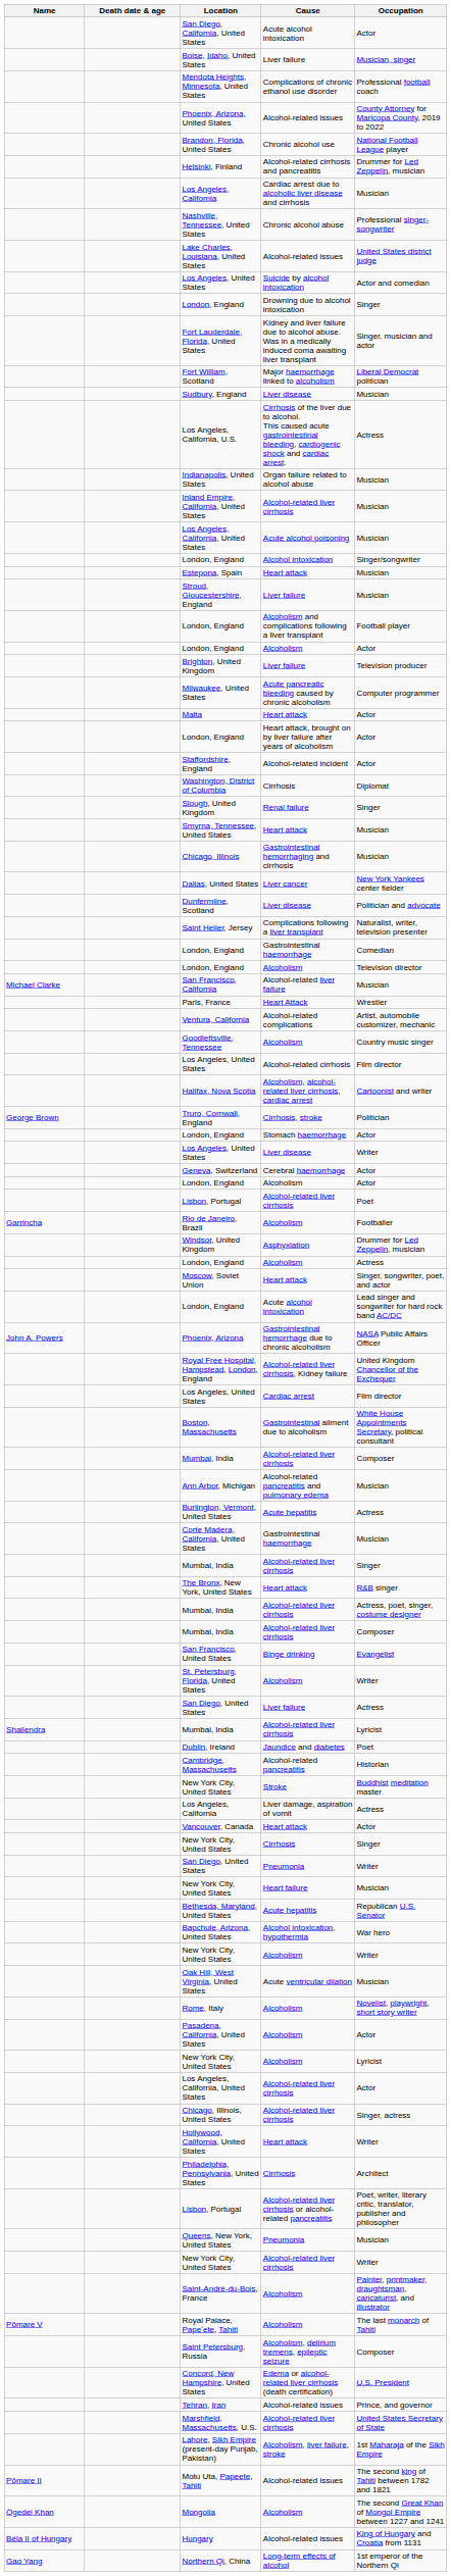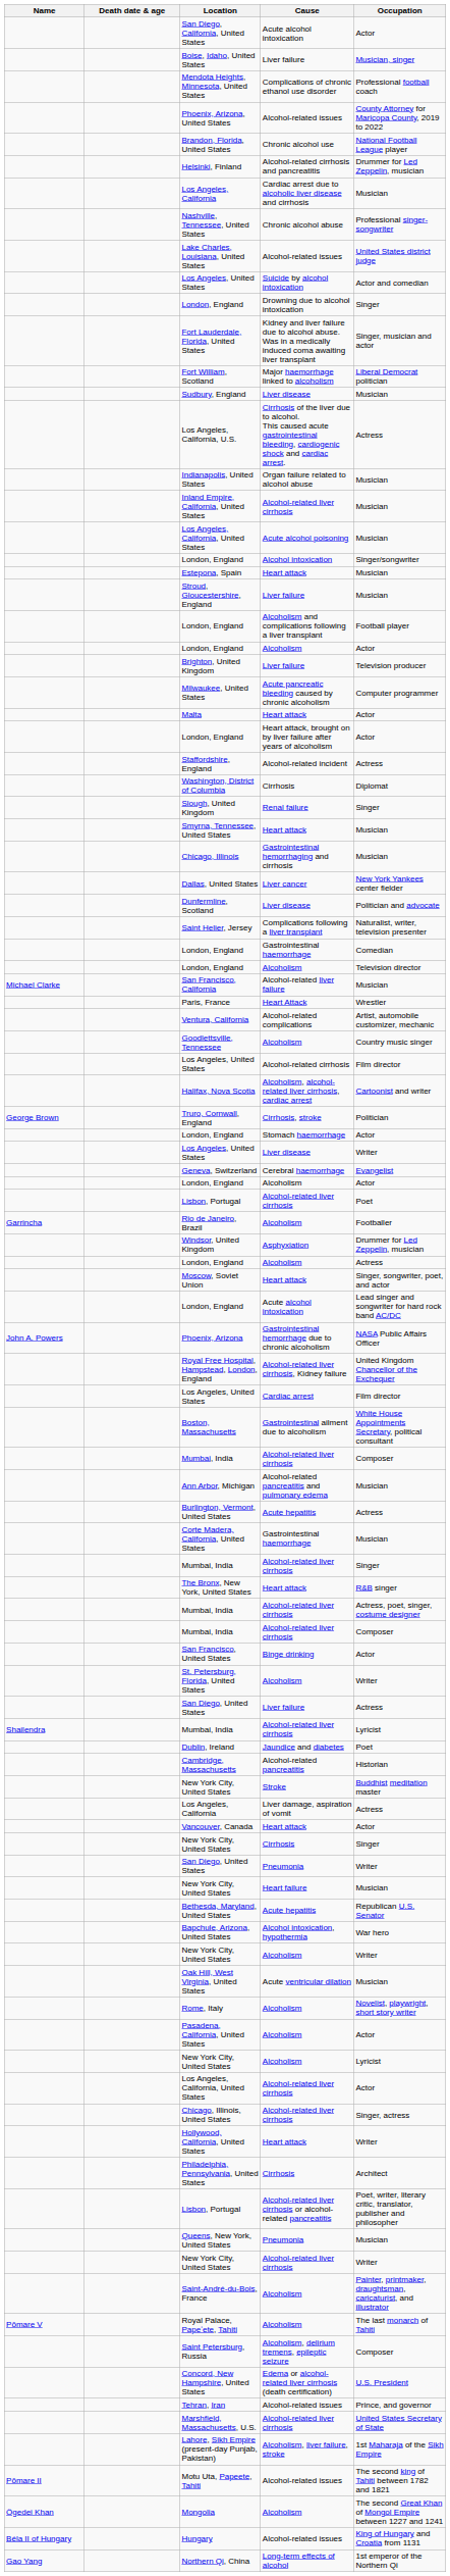 <table class="wikitable sortable">
 <tr>
 <th width=150>Name</th>
 <th width=180>Death date & age</th>
 <th>Location</th>
 <th>Cause</th>
 <th>Occupation<br></th>
 </tr>
 <tr>
 <td scope="row"></td>
 <td data-sort-value=2023-9-4></td>
 <td><a href='#'>San Diego</a>, <a href='#'>California</a>, United States</td>
 <td>Acute alcohol intoxication</td>
 <td>Actor</td>
 </tr>
 <tr>
 <td scope="row"></td>
 <td data-sort-value=2023-9-4></td>
 <td><a href='#'>Boise</a>, <a href='#'>Idaho</a>, United States</td>
 <td>Liver failure</td>
 <td><a href='#'>Musician, singer</a></td>
 </tr>
 <tr>
 <td scope="row"></td>
 <td data-sort-value=2022-10-3></td>
 <td><a href='#'>Mendota Heights</a>, <a href='#'>Minnesota</a>, United States</td>
 <td>Complications of chronic ethanol use disorder</td>
 <td>Professional <a href='#'>football</a> coach</td>
 </tr>
 <tr>
 <td scope="row"></td>
 <td data-sort-value=2022-04-30></td>
 <td><a href='#'>Phoenix, Arizona</a>, United States</td>
 <td>Alcohol-related issues</td>
 <td><a href='#'>County Attorney</a> for <a href='#'>Maricopa County</a>, 2019 to 2022</td>
 </tr>
 <tr>
 <td scope="row"></td>
 <td data-sort-value=2021-02-15></td>
 <td><a href='#'>Brandon, Florida</a>, United States</td>
 <td>Chronic alcohol use</td>
 <td><a href='#'>National Football League</a> player</td>
 </tr>
 <tr>
 <td scope="row"></td>
 <td data-sort-value=2020-12-29></td>
 <td><a href='#'>Helsinki</a>, Finland</td>
 <td>Alcohol-related cirrhosis and pancreatitis</td>
 <td>Drummer for <a href='#'>Led Zeppelin</a>, musician</td>
 </tr>
 <tr>
 <td scope="row"></td>
 <td data-sort-value=2020-06-08></td>
 <td><a href='#'>Los Angeles, California</a></td>
 <td>Cardiac arrest due to <a href='#'>alcoholic liver disease</a> and cirrhosis</td>
 <td>Musician</td>
 </tr>
 <tr>
 <td scope="row"></td>
 <td data-sort-value=2020-05-02></td>
 <td><a href='#'>Nashville</a>, <a href='#'>Tennessee</a>, United States</td>
 <td>Chronic alcohol abuse</td>
 <td>Professional <a href='#'>singer-songwriter</a></td>
 </tr>
 <tr>
 <td scope="row"></td>
 <td data-sort-value=2018-12-01></td>
 <td><a href='#'>Lake Charles, Louisiana</a>, United States</td>
 <td>Alcohol-related issues</td>
 <td><a href='#'>United States district judge</a></td>
 </tr>
 <tr>
 <td scope="row"></td>
 <td data-sort-value=2018-04-21></td>
 <td><a href='#'>Los Angeles</a>, United States</td>
 <td><a href='#'>Suicide</a> by <a href='#'>alcohol intoxication</a></td>
 <td>Actor and comedian</td>
 </tr>
 <tr>
 <td scope="row"></td>
 <td data-sort-value=2018-01-15></td>
 <td><a href='#'>London</a>, England</td>
 <td>Drowning due to alcohol intoxication</td>
 <td>Singer</td>
 </tr>
 <tr>
 <td scope="row"></td>
 <td data-sort-value=2017-11-21></td>
 <td><a href='#'>Fort Lauderdale, Florida</a>, United States</td>
 <td>Kidney and liver failure due to alcohol abuse.<br>Was in a medically induced coma awaiting liver transplant</td>
 <td>Singer, musician and actor</td>
 </tr>
 <tr>
 <td scope="row"></td>
 <td data-sort-value=2015-06-01></td>
 <td><a href='#'>Fort William</a>, Scotland</td>
 <td>Major <a href='#'>haemorrhage</a> linked to <a href='#'>alcoholism</a></td>
 <td><a href='#'>Liberal Democrat</a> politician</td>
 </tr>
 <tr>
 <td scope="row"></td>
 <td data-sort-value=2014-10-25></td>
 <td><a href='#'>Sudbury</a>, England</td>
 <td><a href='#'>Liver disease</a></td>
 <td>Musician</td>
 </tr>
 <tr>
 <td scope="row"></td>
 <td data-sort-value=2014-10-14></td>
 <td>Los Angeles, California, U.S.</td>
 <td><a href='#'>Cirrhosis</a> of the liver due to alcohol.<br>This caused acute <a href='#'>gastrointestinal bleeding</a>, <a href='#'>cardiogenic shock</a> and <a href='#'>cardiac arrest</a>.</td>
 <td>Actress</td>
 </tr>
 <tr>
 <td scope="row"></td>
 <td data-sort-value=2013-05-16></td>
 <td><a href='#'>Indianapolis</a>, United States</td>
 <td>Organ failure related to alcohol abuse</td>
 <td>Musician</td>
 </tr>
 <tr>
 <td scope="row"></td>
 <td data-sort-value=2013-05-02></td>
 <td><a href='#'>Inland Empire, California</a>, United States</td>
 <td><a href='#'>Alcohol-related liver cirrhosis</a></td>
 <td>Musician</td>
 </tr>
 <tr>
 <td scope="row"></td>
 <td data-sort-value=2011-08-11></td>
 <td><a href='#'>Los Angeles, California</a>, United States</td>
 <td><a href='#'>Acute alcohol poisoning</a></td>
 <td>Musician</td>
 </tr>
 <tr>
 <td scope="row"></td>
 <td data-sort-value=2011-07-23></td>
 <td>London, England</td>
 <td><a href='#'>Alcohol intoxication</a></td>
 <td>Singer/songwriter</td>
 </tr>
 <tr>
 <td scope="row"></td>
 <td data-sort-value=2011-02-06></td>
 <td><a href='#'>Estepona</a>, Spain</td>
 <td><a href='#'>Heart attack</a></td>
 <td>Musician</td>
 </tr>
 <tr>
 <td scope="row"></td>
 <td data-sort-value=2011-01-04></td>
 <td><a href='#'>Stroud</a>, <a href='#'>Gloucestershire</a>, England</td>
 <td><a href='#'>Liver failure</a></td>
 <td>Musician</td>
 </tr>
 <tr>
 <td scope="row"></td>
 <td data-sort-value=2005-11-25></td>
 <td>London, England</td>
 <td><a href='#'>Alcoholism</a> and complications following a liver transplant</td>
 <td>Football player</td>
 </tr>
 <tr>
 <td scope="row"></td>
 <td data-sort-value=2002-09-07></td>
 <td>London, England</td>
 <td><a href='#'>Alcoholism</a></td>
 <td>Actor</td>
 </tr>
 <tr>
 <td scope="row"></td>
 <td data-sort-value=2002-05-01></td>
 <td><a href='#'>Brighton</a>, United Kingdom</td>
 <td><a href='#'>Liver failure</a></td>
 <td>Television producer</td>
 </tr>
 <tr>
 <td scope="row"></td>
 <td data-sort-value=2000-04-14></td>
 <td><a href='#'>Milwaukee</a>, United States</td>
 <td><a href='#'>Acute pancreatic bleeding</a> caused by chronic alcoholism</td>
 <td>Computer programmer</td>
 </tr>
 <tr>
 <td scope="row"></td>
 <td data-sort-value=1999-05-02></td>
 <td><a href='#'>Malta</a></td>
 <td><a href='#'>Heart attack</a></td>
 <td>Actor</td>
 </tr>
 <tr>
 <td scope="row"></td>
 <td data-sort-value=1998-08-11></td>
 <td>London, England</td>
 <td>Heart attack, brought on by liver failure after years of alcoholism</td>
 <td>Actor</td>
 </tr>
 <tr>
 <td scope="row"></td>
 <td data-sort-value=1998-05-02></td>
 <td><a href='#'>Staffordshire</a>, England</td>
 <td>Alcohol-related incident</td>
-<td>Actor</td>
+<td>Actress</td>
 </tr>
 <tr>
 <td scope="row"></td>
 <td data-sort-value=1998-02-28></td>
 <td><a href='#'>Washington, District of Columbia</a></td>
 <td>Cirrhosis</td>
 <td>Diplomat</td>
 </tr>
 <tr>
 <td scope="row"></td>
 <td data-sort-value=1997-02-10></td>
 <td><a href='#'>Slough</a>, United Kingdom</td>
 <td><a href='#'>Renal failure</a></td>
 <td>Singer</td>
 </tr>
 <tr>
 <td scope="row"></td>
 <td data-sort-value=1997-01-01></td>
 <td><a href='#'>Smyrna, Tennessee</a>, United States</td>
 <td><a href='#'>Heart attack</a></td>
 <td>Musician</td>
 </tr>
 <tr>
 <td scope="row"></td>
 <td data-sort-value=1996-07-16></td>
 <td><a href='#'>Chicago, Illinois</a></td>
 <td><a href='#'>Gastrointestinal hemorrhaging</a> and cirrhosis</td>
 <td>Musician</td>
 </tr>
 <tr>
 <td scope="row"></td>
 <td data-sort-value=1995-08-13></td>
 <td><a href='#'>Dallas</a>, United States</td>
 <td><a href='#'>Liver cancer</a></td>
 <td><a href='#'>New York Yankees</a> center fielder</td>
 </tr>
 <tr>
 <td scope="row"></td>
 <td data-sort-value=1995-02-19></td>
 <td><a href='#'>Dunfermline</a>, Scotland</td>
 <td><a href='#'>Liver disease</a></td>
 <td>Politician and <a href='#'>advocate</a></td>
 </tr>
 <tr>
 <td scope="row"></td>
 <td data-sort-value=1995-01-30></td>
 <td><a href='#'>Saint Helier</a>, Jersey</td>
 <td>Complications following a <a href='#'>liver transplant</a></td>
 <td>Naturalist, writer, television presenter</td>
 </tr>
 <tr>
 <td scope="row"></td>
 <td data-sort-value=1995-01-09></td>
 <td>London, England</td>
 <td>Gastrointestinal <a href='#'>haemorrhage</a></td>
 <td>Comedian</td>
 </tr>
 <tr>
 <td scope="row"></td>
 <td data-sort-value=1993-12-26></td>
 <td>London, England</td>
 <td><a href='#'>Alcoholism</a></td>
 <td>Television director</td>
 </tr>
 <tr>
 <td scope="row"><a href='#'>Michael Clarke</a></td>
 <td data-sort-value=1993-12-19></td>
 <td><a href='#'>San Francisco, California</a></td>
 <td>Alcohol-related <a href='#'>liver failure</a></td>
 <td>Musician</td>
 </tr>
 <tr>
 <td scope="row"><br></td>
 <td data-sort-value=1993-1-28><br></td>
 <td>Paris, France</td>
 <td><a href='#'>Heart Attack</a></td>
 <td>Wrestler</td>
 </tr>
 <tr>
 <td scope="row"></td>
 <td data-sort-value=1992-9-19><br></td>
 <td><a href='#'>Ventura, California</a></td>
 <td>Alcohol-related complications</td>
 <td>Artist, automobile customizer, mechanic</td>
 </tr>
 <tr>
 <td scope="row"></td>
 <td data-sort-value=1989-05-09></td>
 <td><a href='#'>Goodlettsville, Tennessee</a></td>
 <td><a href='#'>Alcoholism</a></td>
 <td>Country music singer</td>
 </tr>
 <tr>
 <td scope="row"></td>
 <td data-sort-value=1989-02-03></td>
 <td>Los Angeles, United States</td>
 <td>Alcohol-related cirrhosis</td>
 <td>Film director</td>
 </tr>
 <tr>
 <td scope="row"></td>
 <td data-sort-value=1987-04-04></td>
 <td><a href='#'>Halifax, Nova Scotia</a></td>
 <td><a href='#'>Alcoholism</a>, <a href='#'>alcohol-related liver cirrhosis</a>, <a href='#'>cardiac arrest</a></td>
 <td><a href='#'>Cartoonist</a> and writer</td>
 </tr>
 <tr>
 <td scope="row"><a href='#'>George Brown</a></td>
 <td data-sort-value=1985-06-02></td>
 <td><a href='#'>Truro, Cornwall</a>, England</td>
 <td><a href='#'>Cirrhosis</a>, <a href='#'>stroke</a></td>
 <td>Politician</td>
 </tr>
 <tr>
 <td scope="row"></td>
 <td data-sort-value=1984-12-24></td>
 <td>London, England</td>
 <td>Stomach <a href='#'>haemorrhage</a></td>
 <td>Actor</td>
 </tr>
 <tr>
 <td scope="row"></td>
 <td data-sort-value=1984-08-25></td>
 <td><a href='#'>Los Angeles</a>, United States</td>
 <td><a href='#'>Liver disease</a></td>
 <td>Writer</td>
 </tr>
 <tr>
 <td scope="row"></td>
 <td data-sort-value=1984-08-05></td>
 <td><a href='#'>Geneva</a>, Switzerland</td>
 <td>Cerebral <a href='#'>haemorrhage</a></td>
-<td>Actor</td>
+<td><a href='#'>Evangelist</a></td>
 </tr>
 <tr>
 <td scope="row"></td>
 <td data-sort-value=1984-03-17></td>
 <td>London, England</td>
 <td>Alcoholism</td>
 <td>Actor</td>
 </tr>
 <tr>
 <td scope="row"></td>
 <td data-sort-value=1984-01-18></td>
 <td><a href='#'>Lisbon</a>, Portugal</td>
 <td><a href='#'>Alcohol-related liver cirrhosis</a></td>
 <td>Poet</td>
 </tr>
 <tr>
 <td scope="row"><a href='#'>Garrincha</a></td>
 <td data-sort-value=1983-01-20></td>
 <td><a href='#'>Rio de Janeiro</a>, Brazil</td>
 <td><a href='#'>Alcoholism</a></td>
 <td>Footballer</td>
 </tr>
 <tr>
 <td scope="row"></td>
 <td data-sort-value=1980-09-25></td>
 <td><a href='#'>Windsor</a>, United Kingdom</td>
 <td><a href='#'>Asphyxiation</a></td>
 <td>Drummer for <a href='#'>Led Zeppelin</a>, musician</td>
 </tr>
 <tr>
 <td scope="row"></td>
 <td data-sort-value=1980-08-24></td>
 <td>London, England</td>
 <td><a href='#'>Alcoholism</a></td>
 <td>Actress</td>
 </tr>
 <tr>
 <td scope="row"></td>
 <td data-sort-value=1980-07-25></td>
 <td><a href='#'>Moscow</a>, Soviet Union</td>
 <td><a href='#'>Heart attack</a></td>
 <td>Singer, songwriter, poet, and actor</td>
 </tr>
 <tr>
 <td scope="row"></td>
 <td data-sort-value=1980-02-19></td>
 <td>London, England</td>
 <td>Acute <a href='#'>alcohol intoxication</a></td>
 <td>Lead singer and songwriter for hard rock band <a href='#'>AC/DC</a></td>
 </tr>
 <tr>
 <td scope="row"><a href='#'>John A. Powers</a></td>
 <td data-sort-value=1979-12-31></td>
 <td><a href='#'>Phoenix, Arizona</a></td>
 <td><a href='#'>Gastrointestinal hemorrhage</a> due to chronic alcoholism</td>
 <td><a href='#'>NASA</a> Public Affairs Officer</td>
 </tr>
 <tr>
 <td scope="row"></td>
 <td data-sort-value=1979-02-14></td>
 <td><a href='#'>Royal Free Hospital</a>, <a href='#'>Hampstead</a>, <a href='#'>London</a>, England</td>
 <td><a href='#'>Alcohol-related liver cirrhosis</a>, Kidney failure</td>
 <td>United Kingdom <a href='#'>Chancellor of the Exchequer</a></td>
 </tr>
 <tr>
 <td scope="row"></td>
 <td data-sort-value=1978-12-10></td>
 <td>Los Angeles, United States</td>
 <td><a href='#'>Cardiac arrest</a></td>
 <td>Film director</td>
 </tr>
 <tr>
 <td scope="row"></td>
 <td data-sort-value=1977-09-09></td>
 <td><a href='#'>Boston, Massachusetts</a></td>
 <td><a href='#'>Gastrointestinal</a> ailment due to alcoholism</td>
 <td><a href='#'>White House Appointments Secretary</a>, political consultant</td>
 </tr>
 <tr>
 <td scope="row"></td>
 <td data-sort-value=1975-07-14></td>
 <td><a href='#'>Mumbai</a>, India</td>
 <td><a href='#'>Alcohol-related liver cirrhosis</a></td>
 <td>Composer</td>
 </tr>
 <tr>
 <td scope="row"></td>
 <td data-sort-value=1975-02-10></td>
 <td><a href='#'>Ann Arbor</a>, Michigan</td>
 <td>Alcohol-related <a href='#'>pancreatitis</a> and <a href='#'>pulmonary edema</a></td>
 <td>Musician</td>
 </tr>
 <tr>
 <td scope="row"></td>
 <td data-sort-value=1973-07-07></td>
 <td><a href='#'>Burlington, Vermont</a>, United States</td>
 <td><a href='#'>Acute hepatitis</a></td>
 <td>Actress</td>
 </tr>
 <tr>
 <td scope="row"></td>
 <td data-sort-value=1973-03-08></td>
 <td><a href='#'>Corte Madera, California</a>, United States</td>
 <td>Gastrointestinal <a href='#'>haemorrhage</a></td>
 <td>Musician</td>
 </tr>
 <tr>
 <td scope="row"></td>
 <td data-sort-value=1972-07-20></td>
 <td>Mumbai, India</td>
 <td><a href='#'>Alcohol-related liver cirrhosis</a></td>
 <td>Singer</td>
 </tr>
 <tr>
 <td scope="row"></td>
 <td data-sort-value=1972-06-13></td>
 <td><a href='#'>The Bronx</a>, New York, United States</td>
 <td><a href='#'>Heart attack</a></td>
 <td><a href='#'>R&B</a> singer</td>
 </tr>
 <tr>
 <td scope="row"></td>
 <td data-sort-value=1972-03-31></td>
 <td>Mumbai, India</td>
 <td><a href='#'>Alcohol-related liver cirrhosis</a></td>
 <td>Actress, poet, singer, <a href='#'>costume designer</a></td>
 </tr>
 <tr>
 <td scope="row"></td>
 <td data-sort-value=1971-09-12></td>
 <td>Mumbai, India</td>
 <td><a href='#'>Alcohol-related liver cirrhosis</a></td>
 <td>Composer</td>
 </tr>
 <tr>
 <td scope="row"></td>
 <td data-sort-value=1970-06-11></td>
 <td><a href='#'>San Francisco</a>, United States</td>
 <td><a href='#'>Binge drinking</a></td>
-<td><a href='#'>Evangelist</a></td>
+<td>Actor</td>
 </tr>
 <tr>
 <td scope="row"></td>
 <td data-sort-value=1969-10-21></td>
 <td><a href='#'>St. Petersburg, Florida</a>, United States</td>
 <td><a href='#'>Alcoholism</a></td>
 <td>Writer</td>
 </tr>
 <tr>
 <td scope="row"></td>
 <td data-sort-value=1967-05-08></td>
 <td><a href='#'>San Diego</a>, United States</td>
 <td><a href='#'>Liver failure</a></td>
 <td>Actress</td>
 </tr>
 <tr>
 <td scope="row"><a href='#'>Shailendra</a></td>
 <td data-sort-value=1966-12-14></td>
 <td>Mumbai, India</td>
 <td><a href='#'>Alcohol-related liver cirrhosis</a></td>
 <td>Lyricist</td>
 </tr>
 <tr>
 <td scope="row"></td>
 <td data-sort-value=1964-03-20></td>
 <td><a href='#'>Dublin</a>, Ireland</td>
 <td><a href='#'>Jaundice</a> and <a href='#'>diabetes</a></td>
 <td>Poet</td>
 </tr>
 <tr>
 <td scope="row"></td>
 <td data-sort-value=1963-12-09></td>
 <td><a href='#'>Cambridge, Massachusetts</a></td>
 <td>Alcohol-related <a href='#'>pancreatitis</a></td>
 <td>Historian</td>
 </tr>
 <tr>
 <td scope="row"></td>
 <td data-sort-value=1961-11-02></td>
 <td>New York City, United States</td>
 <td><a href='#'>Stroke</a></td>
 <td><a href='#'>Buddhist</a> <a href='#'>meditation</a> master</td>
 </tr>
 <tr>
 <td scope="row"></td>
 <td data-sort-value=1961-08-26></td>
 <td>Los Angeles, California</td>
 <td>Liver damage, aspiration of vomit</td>
 <td>Actress</td>
 </tr>
 <tr>
 <td scope="row"></td>
 <td data-sort-value=1959-10-14></td>
 <td><a href='#'>Vancouver</a>, Canada</td>
 <td><a href='#'>Heart attack</a></td>
 <td>Actor</td>
 </tr>
 <tr>
 <td scope="row"></td>
 <td data-sort-value=1959-07-17></td>
 <td>New York City, United States</td>
 <td><a href='#'>Cirrhosis</a></td>
 <td>Singer</td>
 </tr>
 <tr>
 <td scope="row"></td>
 <td data-sort-value=1959-03-26></td>
 <td><a href='#'>San Diego</a>, United States</td>
 <td><a href='#'>Pneumonia</a></td>
 <td>Writer</td>
 </tr>
 <tr>
 <td scope="row"></td>
 <td data-sort-value=1959-03-15></td>
 <td>New York City, United States</td>
 <td><a href='#'>Heart failure</a></td>
 <td>Musician</td>
 </tr>
 <tr>
 <td scope="row"></td>
 <td data-sort-value=1957-05-02></td>
 <td><a href='#'>Bethesda, Maryland</a>, United States</td>
 <td><a href='#'>Acute hepatitis</a></td>
 <td>Republican <a href='#'>U.S. Senator</a></td>
 </tr>
 <tr>
 <td scope="row"></td>
 <td data-sort-value=1955-01-24></td>
 <td><a href='#'>Bapchule, Arizona</a>, United States</td>
 <td><a href='#'>Alcohol intoxication</a>, <a href='#'>hypothermia</a></td>
 <td>War hero</td>
 </tr>
 <tr>
 <td scope="row"></td>
 <td data-sort-value=1953-11-09></td>
 <td>New York City, United States</td>
 <td><a href='#'>Alcoholism</a></td>
 <td>Writer</td>
 </tr>
 <tr>
 <td scope="row"></td>
 <td data-sort-value=1953-01-01></td>
 <td><a href='#'>Oak Hill, West Virginia</a>, United States</td>
 <td>Acute <a href='#'>ventricular dilation</a></td>
 <td>Musician</td>
 </tr>
 <tr>
 <td scope="row"></td>
 <td data-sort-value=1951-01-10></td>
 <td><a href='#'>Rome</a>, Italy</td>
 <td><a href='#'>Alcoholism</a></td>
 <td><a href='#'>Novelist</a>, <a href='#'>playwright</a>, <a href='#'>short story writer</a></td>
 </tr>
 <tr>
 <td scope="row"></td>
 <td data-sort-value=1946-12-25></td>
 <td><a href='#'>Pasadena, California</a>, United States</td>
 <td><a href='#'>Alcoholism</a></td>
 <td>Actor</td>
 </tr>
 <tr>
 <td scope="row"></td>
 <td data-sort-value=1943-11-22></td>
 <td>New York City, United States</td>
 <td><a href='#'>Alcoholism</a></td>
 <td>Lyricist</td>
 </tr>
 <tr>
 <td scope="row"></td>
 <td data-sort-value=1942-05-29></td>
 <td>Los Angeles, California, United States</td>
 <td><a href='#'>Alcohol-related liver cirrhosis</a></td>
 <td>Actor</td>
 </tr>
 <tr>
 <td scope="row"></td>
 <td data-sort-value=1941-10-09></td>
 <td><a href='#'>Chicago</a>, Illinois, United States</td>
 <td><a href='#'>Alcohol-related liver cirrhosis</a></td>
 <td>Singer, actress</td>
 </tr>
 <tr>
 <td scope="row"></td>
 <td data-sort-value=1940-12-21></td>
 <td><a href='#'>Hollywood, California</a>, United States</td>
 <td><a href='#'>Heart attack</a></td>
 <td>Writer</td>
 </tr>
 <tr>
 <td scope="row"></td>
 <td data-sort-value=1938-09-18></td>
 <td><a href='#'>Philadelphia, Pennsylvania</a>, United States</td>
 <td><a href='#'>Cirrhosis</a></td>
 <td>Architect</td>
 </tr>
 <tr>
 <td scope="row"></td>
 <td data-sort-value=1935-11-30></td>
 <td><a href='#'>Lisbon</a>, Portugal</td>
 <td><a href='#'>Alcohol-related liver cirrhosis</a> or alcohol-related <a href='#'>pancreatitis</a></td>
 <td>Poet, writer, literary critic, translator, publisher and philosopher</td>
 </tr>
 <tr>
 <td scope="row"></td>
 <td data-sort-value=1931-08-06></td>
 <td><a href='#'>Queens</a>, New York, United States</td>
 <td><a href='#'>Pneumonia</a></td>
 <td>Musician</td>
 </tr>
 <tr>
 <td scope="row"></td>
 <td data-sort-value=1910-06-05></td>
 <td>New York City, United States</td>
 <td><a href='#'>Alcohol-related liver cirrhosis</a></td>
 <td>Writer</td>
 </tr>
 <tr>
 <td scope="row"></td>
 <td data-sort-value=1901-09-09></td>
 <td><a href='#'>Saint-André-du-Bois</a>, France</td>
 <td><a href='#'>Alcoholism</a></td>
 <td><a href='#'>Painter</a>, <a href='#'>printmaker</a>, <a href='#'>draughtsman</a>, <a href='#'>caricaturist</a>, and <a href='#'>illustrator</a></td>
 </tr>
 <tr>
 <td scope="row"><a href='#'>Pōmare V</a></td>
 <td data-sort-value=1891-06-12></td>
 <td>Royal Palace, <a href='#'>Papeʻete</a>, <a href='#'>Tahiti</a></td>
 <td><a href='#'>Alcoholism</a></td>
 <td>The last <a href='#'>monarch</a> of <a href='#'>Tahiti</a></td>
 </tr>
 <tr>
 <td scope="row"></td>
 <td data-sort-value=1881-03-28></td>
 <td><a href='#'>Saint Petersburg</a>, Russia</td>
 <td><a href='#'>Alcoholism</a>, <a href='#'>delirium tremens</a>, <a href='#'>epileptic seizure</a></td>
 <td>Composer</td>
 </tr>
 <tr>
 <td scope="row"></td>
 <td data-sort-value=1869-10-08></td>
 <td><a href='#'>Concord, New Hampshire</a>, United States</td>
 <td><a href='#'>Edema</a> or <a href='#'>alcohol-related liver cirrhosis</a> (death certification)</td>
 <td><a href='#'>U.S. President</a></td>
 </tr>
 <tr>
 <td scope="row"></td>
 <td data-sort-value=1866-01-01></td>
 <td><a href='#'>Tehran</a>, <a href='#'>Iran</a></td>
 <td>Alcohol-related issues</td>
 <td>Prince, and governor</td>
 </tr>
 <tr>
 <td scope="row"></td>
 <td data-sort-value=1852-10-24></td>
 <td><a href='#'>Marshfield, Massachusetts</a>, U.S.</td>
 <td><a href='#'>Alcohol-related liver cirrhosis</a></td>
 <td><a href='#'>United States Secretary of State</a></td>
 </tr>
 <tr>
 <td scope="row"></td>
 <td data-sort-value=1839-06-27></td>
 <td><a href='#'>Lahore</a>, <a href='#'>Sikh Empire</a> (present-day Punjab, Pakistan)</td>
 <td><a href='#'>Alcoholism</a>, <a href='#'>liver failure</a>, <a href='#'>stroke</a></td>
 <td>1st <a href='#'>Maharaja</a> of the <a href='#'>Sikh Empire</a></td>
 </tr>
 <tr>
 <td scope="row"><a href='#'>Pōmare II</a></td>
 <td data-sort-value=1821-12-07></td>
 <td>Motu Uta, <a href='#'>Papeete</a>, <a href='#'>Tahiti</a></td>
 <td>Alcohol-related issues</td>
 <td>The second <a href='#'>king</a> of <a href='#'>Tahiti</a> between 1782 and 1821</td>
 </tr>
 <tr>
 <td scope="row"><a href='#'>Ögedei Khan</a></td>
 <td data-sort-value=1241-12-11></td>
 <td><a href='#'>Mongolia</a></td>
 <td><a href='#'>Alcoholism</a></td>
 <td>The second <a href='#'>Great Khan</a> of <a href='#'>Mongol Empire</a> between 1227 and 1241</td>
 </tr>
 <tr>
 <td scope="row"><a href='#'>Béla II of Hungary</a></td>
 <td data-sort-value=1141-02-13></td>
 <td><a href='#'>Hungary</a></td>
 <td>Alcohol-related issues</td>
 <td><a href='#'>King of Hungary</a> and <a href='#'>Croatia</a> from 1131</td>
 </tr>
 <tr>
 <td scope="row"><a href='#'>Gao Yang</a></td>
 <td data-sort-value=559-11-25></td>
 <td><a href='#'>Northern Qi</a>, China</td>
 <td><a href='#'>Long-term effects of alcohol</a></td>
 <td>1st emperor of the Northern Qi</td>
 </tr>
 </table>
